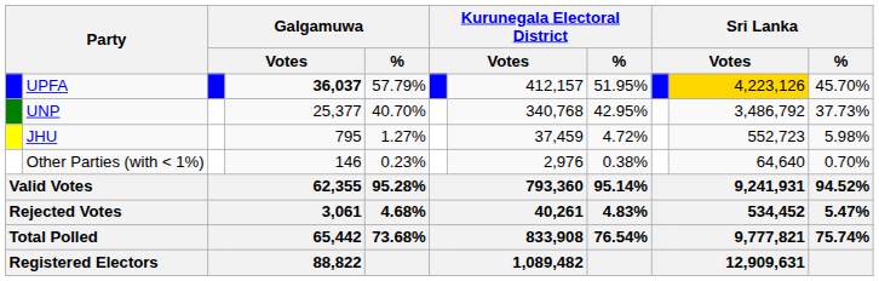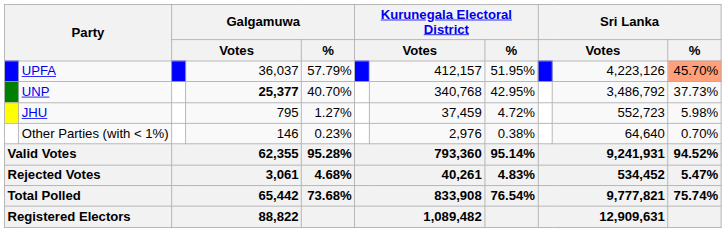 <table class="wikitable">
 <tr>
 <th colspan="2" width="144px"rowspan="2">Party</th>
 <th colspan="3" width="216px">Galgamuwa</th>
 <th colspan="3" width="216px"><a href='#'>Kurunegala Electoral District</a></th>
 <th colspan="3" width="216px">Sri Lanka</th>
 </tr>
 <tr>
 <th colspan="2" width="144px">Votes</th>
 <th>%</th>
 <th colspan="2" width="144px">Votes</th>
 <th>%</th>
 <th colspan="2" width="144px">Votes</th>
 <th>%</th>
 </tr>
 <tr>
 <td style="background-color:blue;" width="10px"></td>
 <td style="text-align:left;"><a href='#'>UPFA</a></td>
 <td style="background-color:blue;" width="10px"></td>
-<td style="text-align:right;"><strong>36,037</strong></td>
+<td style="text-align:right;">36,037</td>
 <td style="text-align:right;">57.79%</td>
 <td style="background-color:blue;" width="10px"></td>
 <td style="text-align:right;">412,157</td>
 <td style="text-align:right;">51.95%</td>
 <td style="background-color:blue;" width="10px"></td>
-<td style="background: gold; text-align:right;">4,223,126</td>
-<td style="text-align:right;">45.70%</td>
+<td style="text-align:right;">4,223,126</td>
+<td style="background: lightsalmon; text-align:right;">45.70%</td>
 </tr>
 <tr>
 <td style="background-color:green;" width="10px"></td>
 <td style="text-align:left;"><a href='#'>UNP</a></td>
 <td style="background-color:white;" width="10px"></td>
-<td style="text-align:right;">25,377</td>
+<td style="text-align:right;"><strong>25,377</strong></td>
 <td style="text-align:right;">40.70%</td>
 <td style="background-color:white;" width="10px"></td>
 <td style="text-align:right;">340,768</td>
 <td style="text-align:right;">42.95%</td>
 <td style="background-color:white;" width="10px"></td>
 <td style="text-align:right;">3,486,792</td>
 <td style="text-align:right;">37.73%</td>
 </tr>
 <tr>
 <td style="background-color:yellow;" width="10px"></td>
 <td style="text-align:left;"><a href='#'>JHU</a></td>
 <td style="background-color:white;" width="10px"></td>
 <td style="text-align:right;">795</td>
 <td style="text-align:right;">1.27%</td>
 <td style="background-color:white;" width="10px"></td>
 <td style="text-align:right;">37,459</td>
 <td style="text-align:right;">4.72%</td>
 <td style="background-color:white;" width="10px"></td>
 <td style="text-align:right;">552,723</td>
 <td style="text-align:right;">5.98%</td>
 </tr>
 <tr>
 <td style="background-color:white;" width="10px"></td>
 <td style="text-align:left;">Other Parties (with < 1%)</td>
 <td style="background-color:white;" width="10px"></td>
 <td style="text-align:right;">146</td>
 <td style="text-align:right;">0.23%</td>
 <td style="background-color:white;" width="10px"></td>
 <td style="text-align:right;">2,976</td>
 <td style="text-align:right;">0.38%</td>
 <td style="background-color:white;" width="10px"></td>
 <td style="text-align:right;">64,640</td>
 <td style="text-align:right;">0.70%</td>
 </tr>
 <tr>
 <th colspan="2" width="144px"style="text-align:left;">Valid Votes</th>
 <th style="text-align:right;"colspan="2" width="144px">62,355</th>
 <th style="text-align:right;">95.28%</th>
 <th style="text-align:right;"colspan="2" width="144px">793,360</th>
 <th style="text-align:right;">95.14%</th>
 <th style="text-align:right;"colspan="2" width="144px">9,241,931</th>
 <th style="text-align:right;">94.52%</th>
 </tr>
 <tr>
 <th colspan="2" width="144px"style="text-align:left;">Rejected Votes</th>
 <th style="text-align:right;"colspan="2" width="144px">3,061</th>
 <th style="text-align:right;">4.68%</th>
 <th style="text-align:right;"colspan="2" width="144px">40,261</th>
 <th style="text-align:right;">4.83%</th>
 <th style="text-align:right;"colspan="2" width="144px">534,452</th>
 <th style="text-align:right;">5.47%</th>
 </tr>
 <tr>
 <th colspan="2" width="144px"style="text-align:left;">Total Polled</th>
 <th style="text-align:right;"colspan="2" width="144px">65,442</th>
 <th style="text-align:right;">73.68%</th>
 <th style="text-align:right;"colspan="2" width="144px">833,908</th>
 <th style="text-align:right;">76.54%</th>
 <th style="text-align:right;"colspan="2" width="144px">9,777,821</th>
 <th style="text-align:right;">75.74%</th>
 </tr>
 <tr>
 <th colspan="2" width="144px"style="text-align:left;">Registered Electors</th>
 <th style="text-align:right;"colspan="2" width="144px">88,822</th>
 <th></th>
 <th style="text-align:right;"colspan="2" width="144px">1,089,482</th>
 <th></th>
 <th style="text-align:right;"colspan="2" width="144px">12,909,631</th>
 <th></th>
 </tr>
 </table>
